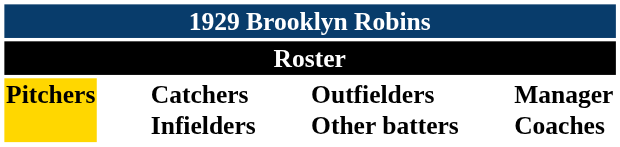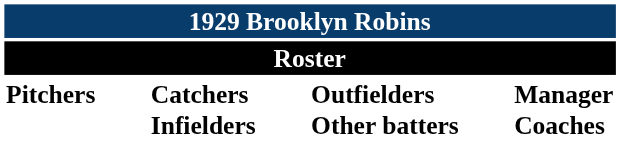 <table class="toccolours" style="font-size: 95%;">
 <tr>
 <th colspan="10" style="background-color: #083c6b; color: white; text-align: center;">1929 Brooklyn Robins</th>
 </tr>
 <tr>
 <td colspan="10" style="background-color: black; color: white; text-align: center;"><strong>Roster</strong></td>
 </tr>
 <tr>
-<td valign="top" style="background: gold;"><strong>Pitchers</strong><br>                </td>
+<td valign="top"><strong>Pitchers</strong><br>                </td>
 <td width="25px"></td>
 <td valign="top"><strong>Catchers</strong><br>    <strong>Infielders</strong>        </td>
 <td width="25px"></td>
 <td valign="top"><strong>Outfielders</strong><br>       <strong>Other batters</strong> </td>
 <td width="25px"></td>
 <td valign="top"><strong>Manager</strong><br> <strong>Coaches</strong> </td>
 </tr>
 </table>
